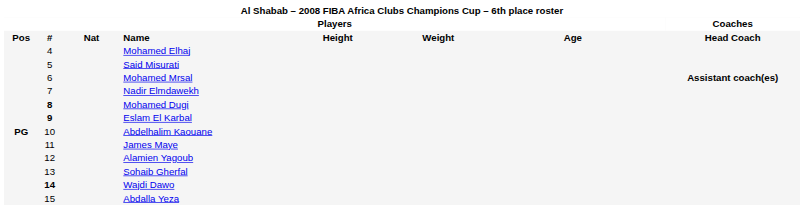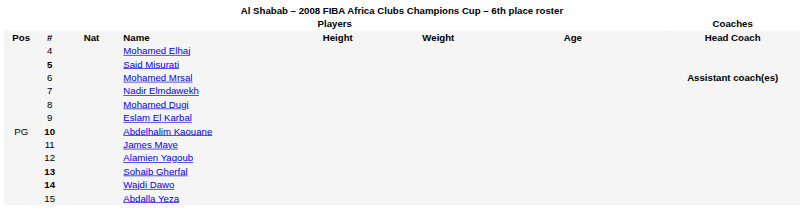 <table border=0 cellpadding=2 cellspacing=0  |- bgcolor=#f5f5f5 style="text-align:center; font-size:90%;" width=75%>
 <tr>
 <td colspan="8" style="background: white; color: black"><strong>Al Shabab – 2008 FIBA Africa Clubs Champions Cup – 6th place roster</strong></td>
 </tr>
 <tr>
 <td colspan="7" style="background: white; color: black"><strong>Players</strong></td>
 <td style="background: white; color: black"><strong>Coaches</strong></td>
 </tr>
 <tr style="background=#f5f5f5; color: black">
 <th width=5px>Pos</th>
 <th width=5px>#</th>
 <th width=50px>Nat</th>
 <th width=135px align=left>Name</th>
 <th width=100px>Height</th>
 <th width=70px>Weight</th>
 <th width=160px>Age</th>
 <th width=115px>Head Coach</th>
 </tr>
 <tr>
 <td></td>
 <td>4</td>
 <td></td>
 <td align=left><a href='#'>Mohamed Elhaj</a></td>
 <td></td>
 <td></td>
 <td><span></span></td>
 </tr>
 <tr>
 <td></td>
-<td>5</td>
+<td><strong>5</strong></td>
 <td></td>
 <td align=left><a href='#'>Said Misurati</a></td>
 <td></td>
 <td></td>
 <td><span></span></td>
 </tr>
 <tr>
 <td></td>
 <td>6</td>
 <td></td>
 <td align=left><a href='#'>Mohamed Mrsal</a></td>
 <td></td>
 <td></td>
 <td><span></span></td>
 <td><strong>Assistant coach(es)</strong></td>
 </tr>
 <tr>
 <td></td>
 <td>7</td>
 <td></td>
 <td align=left><a href='#'>Nadir Elmdawekh</a></td>
 <td></td>
 <td></td>
 <td><span></span></td>
 <td align=left></td>
 </tr>
 <tr>
 <td></td>
-<td><strong>8</strong></td>
+<td>8</td>
 <td></td>
 <td align=left><a href='#'>Mohamed Dugi</a></td>
 <td></td>
 <td></td>
 <td><span></span></td>
 </tr>
 <tr>
 <td></td>
-<td><strong>9</strong></td>
+<td>9</td>
 <td></td>
 <td align=left><a href='#'>Eslam El Karbal</a></td>
 <td></td>
 <td></td>
 <td><span></span></td>
 </tr>
 <tr>
-<td><strong>PG</strong></td>
-<td>10</td>
+<td>PG</td>
+<td><strong>10</strong></td>
 <td></td>
 <td align=left><a href='#'>Abdelhalim Kaouane</a></td>
 <td><span></span></td>
 <td></td>
 <td><span></span></td>
 <td></td>
 </tr>
 <tr>
 <td></td>
 <td>11</td>
 <td></td>
 <td align=left><a href='#'>James Maye</a></td>
 <td></td>
 <td></td>
 <td><span></span></td>
 </tr>
 <tr>
 <td></td>
 <td>12</td>
 <td></td>
 <td align=left><a href='#'>Alamien Yagoub</a></td>
 <td></td>
 <td></td>
 <td><span></span></td>
 </tr>
 <tr>
 <td></td>
-<td>13</td>
+<td><strong>13</strong></td>
 <td></td>
 <td align=left><a href='#'>Sohaib Gherfal</a></td>
 <td></td>
 <td></td>
 <td><span></span></td>
 </tr>
 <tr>
 <td></td>
 <td><strong>14</strong></td>
 <td></td>
 <td align=left><a href='#'>Wajdi Dawo</a></td>
 <td></td>
 <td></td>
 <td><span></span></td>
 </tr>
 <tr>
 <td></td>
 <td>15</td>
 <td></td>
 <td align=left><a href='#'>Abdalla Yeza</a></td>
 <td></td>
 <td></td>
 <td><span></span></td>
 </tr>
 </table>
